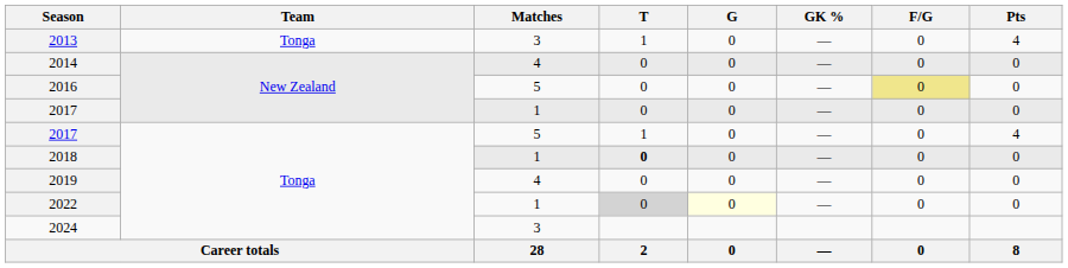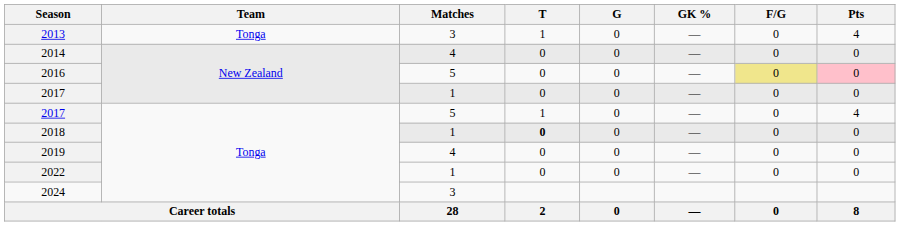 <table class="wikitable sortable"  style="font-size:90%; text-align:center; width:85%;">
 <tr>
 <th width=2%>Season</th>
 <th width=8%>Team</th>
 <th width=2%>Matches</th>
 <th width=2%>T</th>
 <th width=2%>G</th>
 <th width=2%>GK %</th>
 <th width=2%>F/G</th>
 <th width=2%>Pts</th>
 </tr>
 <tr>
 <th scope="row" style="text-align:center; font-weight:normal"><a href='#'>2013</a></th>
 <td style="text-align:center;"> <a href='#'>Tonga</a></td>
 <td>3</td>
 <td>1</td>
 <td>0</td>
 <td>—</td>
 <td>0</td>
 <td>4</td>
 </tr>
 <tr style="background:#eaeaea;">
 <th scope="row" style="text-align:center; font-weight:normal">2014</th>
 <td rowspan="3" style="text-align:center;"> <a href='#'>New Zealand</a></td>
 <td>4</td>
 <td>0</td>
 <td>0</td>
 <td>—</td>
 <td>0</td>
 <td>0</td>
 </tr>
 <tr>
 <th scope="row" style="text-align:center; font-weight:normal">2016</th>
 <td>5</td>
 <td>0</td>
 <td>0</td>
 <td>—</td>
 <td style="background: khaki;">0</td>
-<td>0</td>
+<td style="background: pink;">0</td>
 </tr>
 <tr style="background:#eaeaea;">
 <th scope="row" style="text-align:center; font-weight:normal">2017</th>
 <td>1</td>
 <td>0</td>
 <td>0</td>
 <td>—</td>
 <td>0</td>
 <td>0</td>
 </tr>
 <tr>
 <th scope="row" style="text-align:center; font-weight:normal"><a href='#'>2017</a></th>
 <td rowspan="5" style="text-align:center;"> <a href='#'>Tonga</a></td>
 <td>5</td>
 <td>1</td>
 <td>0</td>
 <td>—</td>
 <td>0</td>
 <td>4</td>
 </tr>
 <tr style="background:#eaeaea;">
 <th scope="row" style="text-align:center; font-weight:normal">2018</th>
 <td>1</td>
 <td><strong>0</strong></td>
 <td>0</td>
 <td>—</td>
 <td>0</td>
 <td>0</td>
 </tr>
 <tr>
 <th scope="row" style="text-align:center; font-weight:normal">2019</th>
 <td>4</td>
 <td>0</td>
 <td>0</td>
 <td>—</td>
 <td>0</td>
 <td>0</td>
 </tr>
 <tr>
 <th scope="row" style="text-align:center; font-weight:normal">2022</th>
 <td>1</td>
-<td style="background: lightgrey;">0</td>
-<td style="background: lightyellow;">0</td>
+<td>0</td>
+<td>0</td>
 <td>—</td>
 <td>0</td>
 <td>0</td>
 </tr>
 <tr>
 <td>2024</td>
 <td>3</td>
 <td></td>
 <td></td>
 <td></td>
 <td></td>
 <td></td>
 </tr>
 <tr class="sortbottom">
 <th colspan="2">Career totals</th>
 <th>28</th>
 <th>2</th>
 <th>0</th>
 <th>—</th>
 <th>0</th>
 <th>8</th>
 </tr>
 </table>
